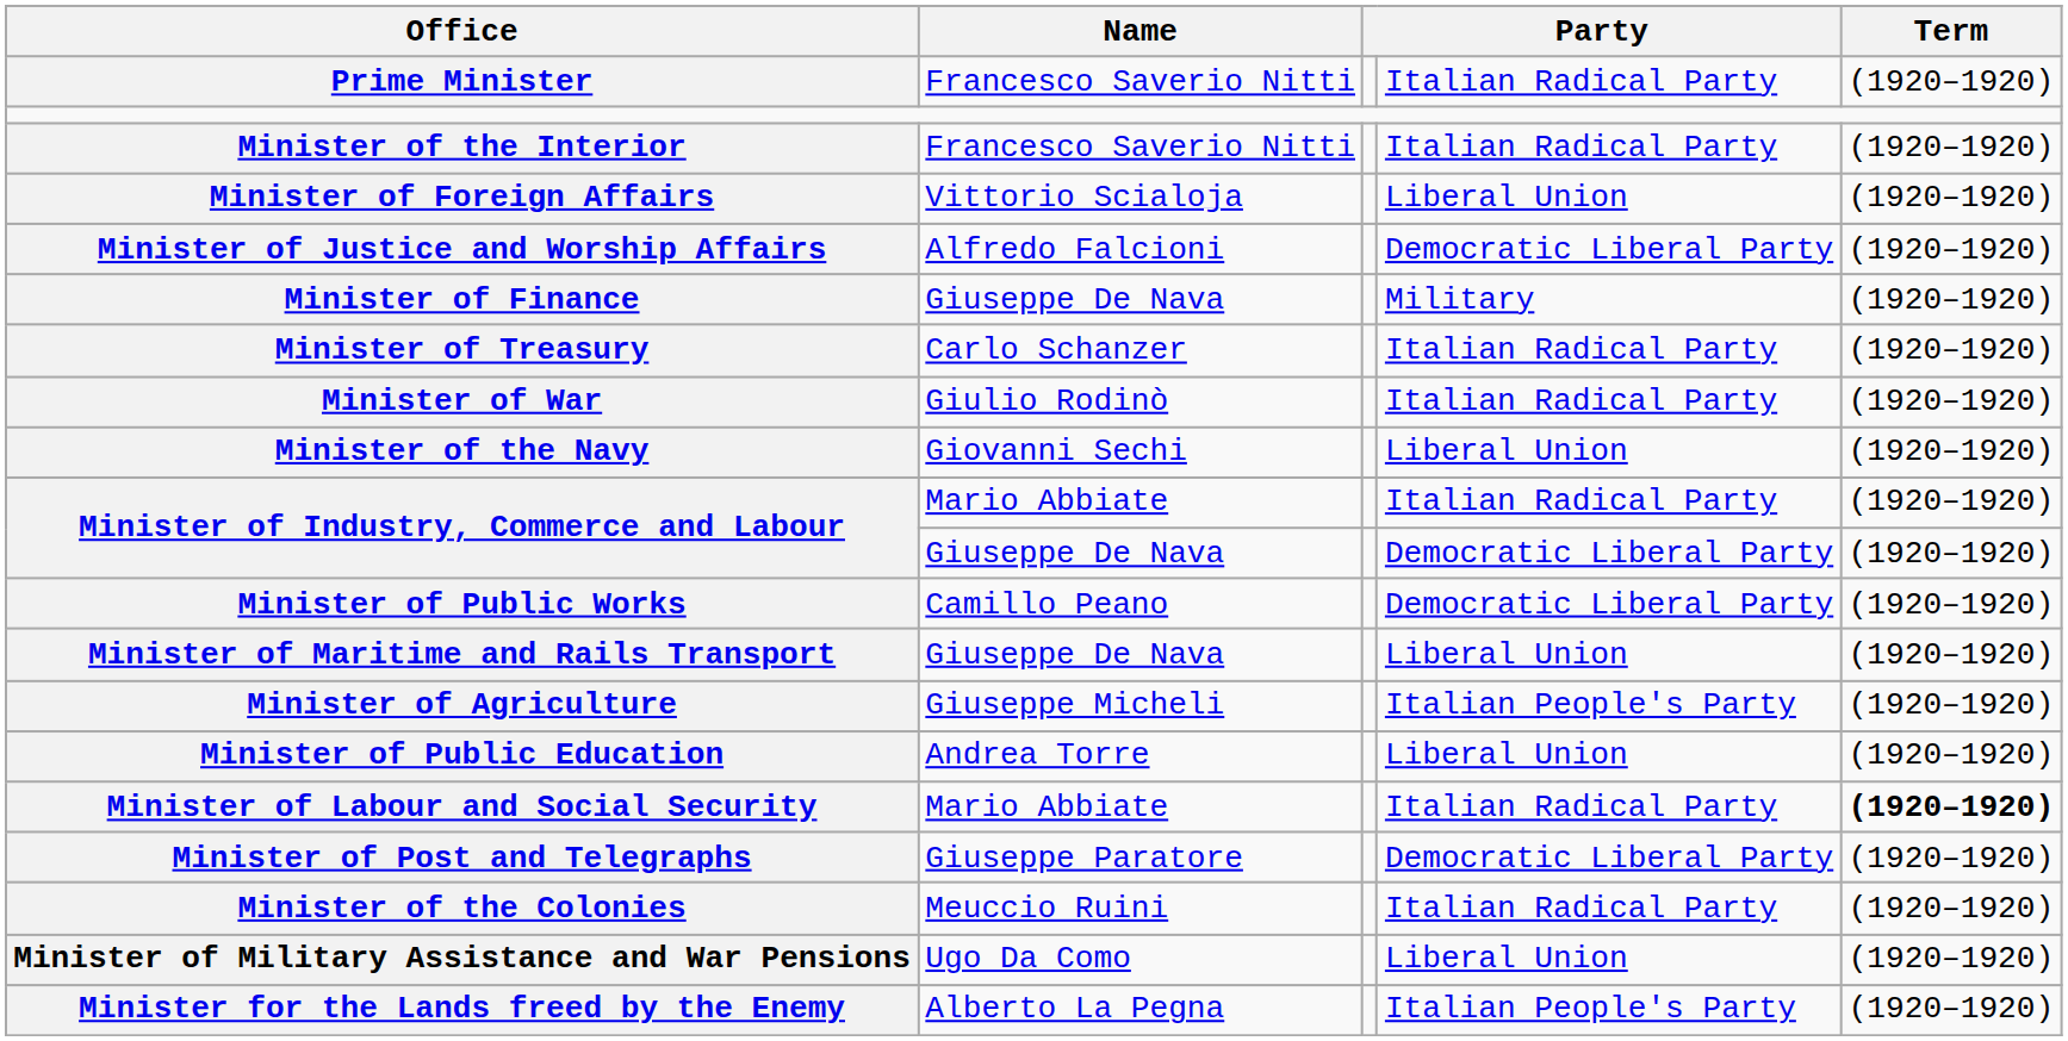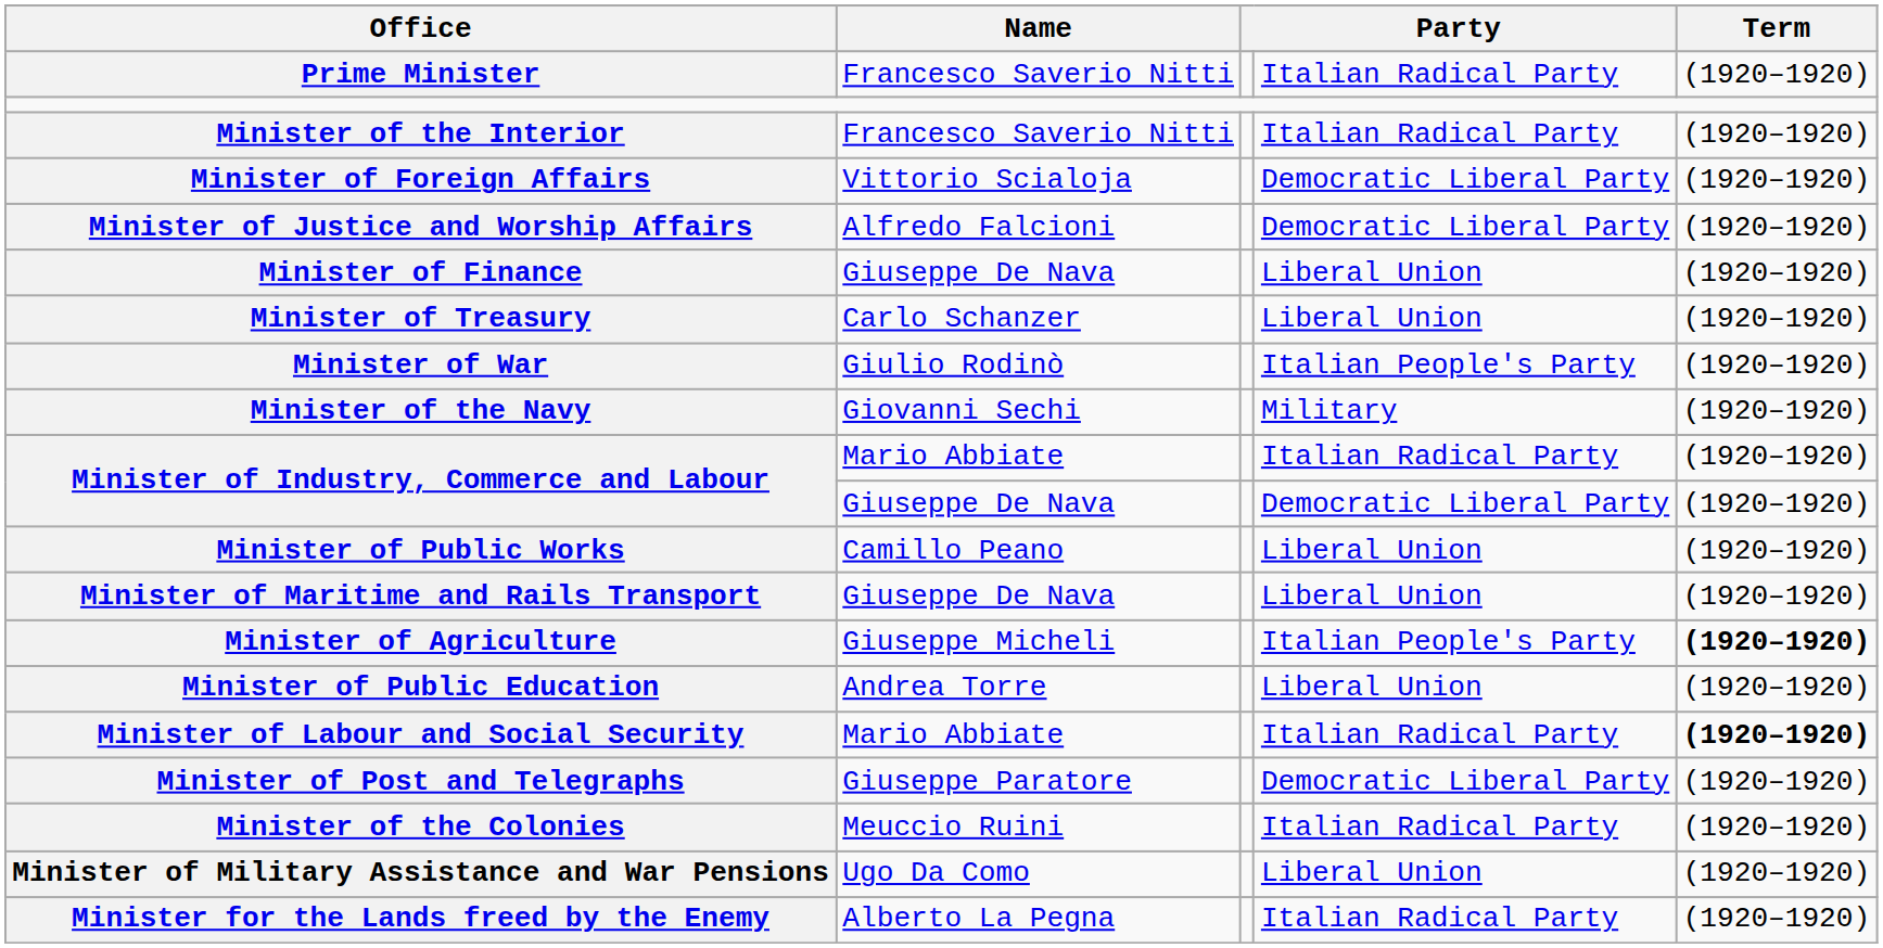 <table class="wikitable" style="font-size: 100%;">
 <tr>
 <th>Office</th>
 <th>Name</th>
 <th colspan=2>Party</th>
 <th>Term</th>
 </tr>
 <tr>
 <th><a href='#'>Prime Minister</a></th>
 <td><a href='#'>Francesco Saverio Nitti</a></td>
 <td style="color:inherit;background:"></td>
 <td><a href='#'>Italian Radical Party</a></td>
 <td>(1920–1920)</td>
 </tr>
 <tr>
 <td colspan=6></td>
 </tr>
 <tr>
 <th><a href='#'>Minister of the Interior</a></th>
 <td><a href='#'>Francesco Saverio Nitti</a></td>
 <td style="color:inherit;background:"></td>
 <td><a href='#'>Italian Radical Party</a></td>
 <td>(1920–1920)</td>
 </tr>
 <tr>
 <th><a href='#'>Minister of Foreign Affairs</a></th>
 <td><a href='#'>Vittorio Scialoja</a></td>
 <td style="color:inherit;background:"></td>
-<td><a href='#'>Liberal Union</a></td>
+<td><a href='#'>Democratic Liberal Party</a></td>
 <td>(1920–1920)</td>
 </tr>
 <tr>
 <th><a href='#'>Minister of Justice and Worship Affairs</a></th>
 <td><a href='#'>Alfredo Falcioni</a></td>
 <td style="color:inherit;background:"></td>
 <td><a href='#'>Democratic Liberal Party</a></td>
 <td>(1920–1920)</td>
 </tr>
 <tr>
 <th><a href='#'>Minister of Finance</a></th>
 <td><a href='#'>Giuseppe De Nava</a></td>
 <td style="color:inherit;background:"></td>
-<td><a href='#'>Military</a></td>
+<td><a href='#'>Liberal Union</a></td>
 <td>(1920–1920)</td>
 </tr>
 <tr>
 <th><a href='#'>Minister of Treasury</a></th>
 <td><a href='#'>Carlo Schanzer</a></td>
 <td style="color:inherit;background:"></td>
-<td><a href='#'>Italian Radical Party</a></td>
+<td><a href='#'>Liberal Union</a></td>
 <td>(1920–1920)</td>
 </tr>
 <tr>
 <th><a href='#'>Minister of War</a></th>
 <td><a href='#'>Giulio Rodinò</a></td>
 <td style="color:inherit;background:"></td>
-<td><a href='#'>Italian Radical Party</a></td>
+<td><a href='#'>Italian People's Party</a></td>
 <td>(1920–1920)</td>
 </tr>
 <tr>
 <th><a href='#'>Minister of the Navy</a></th>
 <td><a href='#'>Giovanni Sechi</a></td>
 <td style="color:inherit;background:"></td>
-<td><a href='#'>Liberal Union</a></td>
+<td><a href='#'>Military</a></td>
 <td>(1920–1920)</td>
 </tr>
 <tr>
 <th rowspan=2><a href='#'>Minister of Industry, Commerce and Labour</a></th>
 <td><a href='#'>Mario Abbiate</a></td>
 <td style="color:inherit;background:"></td>
 <td><a href='#'>Italian Radical Party</a></td>
 <td>(1920–1920)</td>
 </tr>
 <tr>
 <td><a href='#'>Giuseppe De Nava</a></td>
 <td style="color:inherit;background:"></td>
 <td><a href='#'>Democratic Liberal Party</a></td>
 <td>(1920–1920)</td>
 </tr>
 <tr>
 <th><a href='#'>Minister of Public Works</a></th>
 <td><a href='#'>Camillo Peano</a></td>
 <td style="color:inherit;background:"></td>
-<td><a href='#'>Democratic Liberal Party</a></td>
+<td><a href='#'>Liberal Union</a></td>
 <td>(1920–1920)</td>
 </tr>
 <tr>
 <th><a href='#'>Minister of Maritime and Rails Transport</a></th>
 <td><a href='#'>Giuseppe De Nava</a></td>
 <td style="color:inherit;background:"></td>
 <td><a href='#'>Liberal Union</a></td>
 <td>(1920–1920)</td>
 </tr>
 <tr>
 <th><a href='#'>Minister of Agriculture</a></th>
 <td><a href='#'>Giuseppe Micheli</a></td>
 <td style="color:inherit;background:"></td>
 <td><a href='#'>Italian People's Party</a></td>
-<td>(1920–1920)</td>
+<td><strong>(1920–1920)</strong></td>
 </tr>
 <tr>
 <th><a href='#'>Minister of Public Education</a></th>
 <td><a href='#'>Andrea Torre</a></td>
 <td style="color:inherit;background:"></td>
 <td><a href='#'>Liberal Union</a></td>
 <td>(1920–1920)</td>
 </tr>
 <tr>
 <th><a href='#'>Minister of Labour and Social Security</a></th>
 <td><a href='#'>Mario Abbiate</a></td>
 <td style="color:inherit;background:"></td>
 <td><a href='#'>Italian Radical Party</a></td>
 <td><strong>(1920–1920)</strong></td>
 </tr>
 <tr>
 <th><a href='#'>Minister of Post and Telegraphs</a></th>
 <td><a href='#'>Giuseppe Paratore</a></td>
 <td style="color:inherit;background:"></td>
 <td><a href='#'>Democratic Liberal Party</a></td>
 <td>(1920–1920)</td>
 </tr>
 <tr>
 <th><a href='#'>Minister of the Colonies</a></th>
 <td><a href='#'>Meuccio Ruini</a></td>
 <td style="color:inherit;background:"></td>
 <td><a href='#'>Italian Radical Party</a></td>
 <td>(1920–1920)</td>
 </tr>
 <tr>
 <th>Minister of Military Assistance and War Pensions</th>
 <td><a href='#'>Ugo Da Como</a></td>
 <td style="color:inherit;background:"></td>
 <td><a href='#'>Liberal Union</a></td>
 <td>(1920–1920)</td>
 </tr>
 <tr>
 <th><a href='#'>Minister for the Lands freed by the Enemy</a></th>
 <td><a href='#'>Alberto La Pegna</a></td>
 <td style="color:inherit;background:"></td>
-<td><a href='#'>Italian People's Party</a></td>
+<td><a href='#'>Italian Radical Party</a></td>
 <td>(1920–1920)</td>
 </tr>
 </table>
